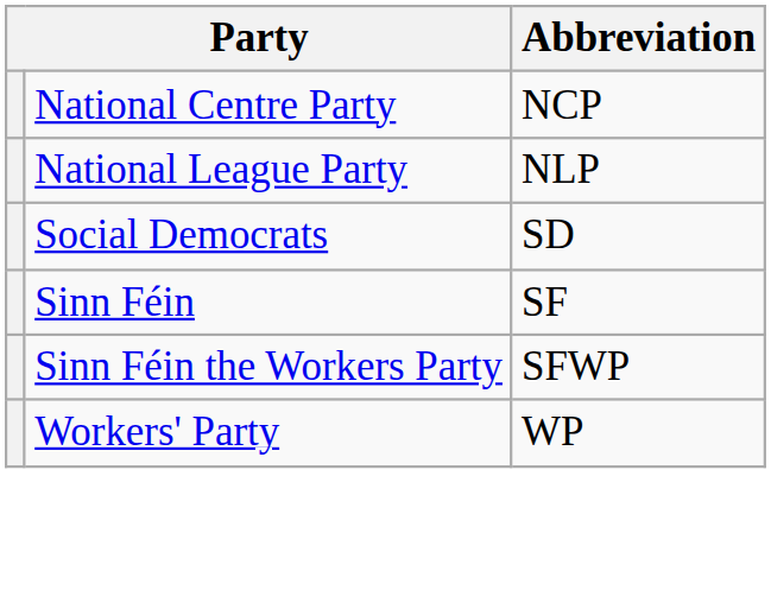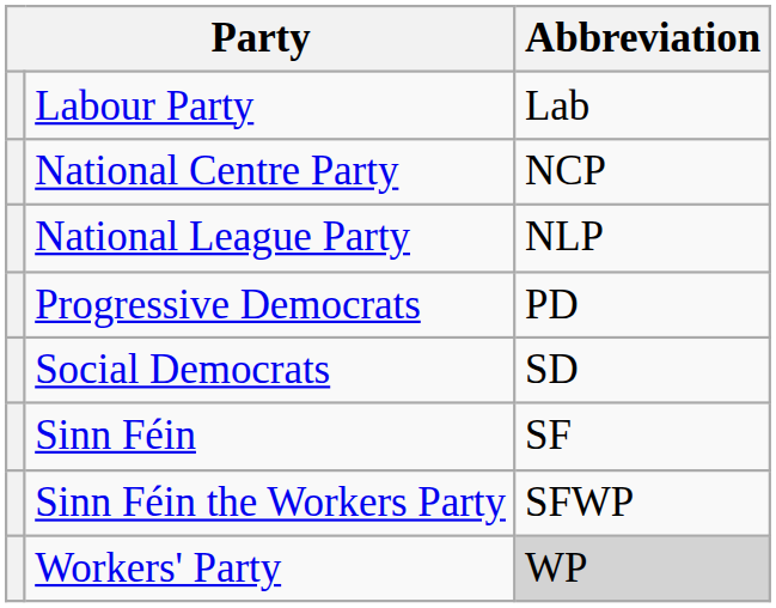 <table class="wikitable">
 <tr>
 <th colspan=2>Party</th>
 <th>Abbreviation</th>
+</tr>
+<tr>
+<th style="background-color: "></th>
+<td><a href='#'>Labour Party</a></td>
+<td>Lab</td>
 </tr>
 <tr>
 <th style="background-color: "></th>
 <td><a href='#'>National Centre Party</a></td>
 <td>NCP</td>
 </tr>
 <tr>
 <th style="background-color: "></th>
 <td><a href='#'>National League Party</a></td>
 <td>NLP</td>
+</tr>
+<tr>
+<th style="background-color: "></th>
+<td><a href='#'>Progressive Democrats</a></td>
+<td>PD</td>
 </tr>
 <tr>
 <th style="background-color: "></th>
 <td><a href='#'>Social Democrats</a></td>
 <td>SD</td>
 </tr>
 <tr>
 <th style="background-color: "></th>
 <td><a href='#'>Sinn Féin</a></td>
 <td>SF</td>
 </tr>
 <tr>
 <th style="background-color: "></th>
 <td><a href='#'>Sinn Féin the Workers Party</a></td>
 <td>SFWP</td>
 </tr>
 <tr>
 <th style="background-color: "></th>
 <td><a href='#'>Workers' Party</a></td>
-<td>WP</td>
+<td style="background: lightgrey;">WP</td>
 </tr>
 </table>
